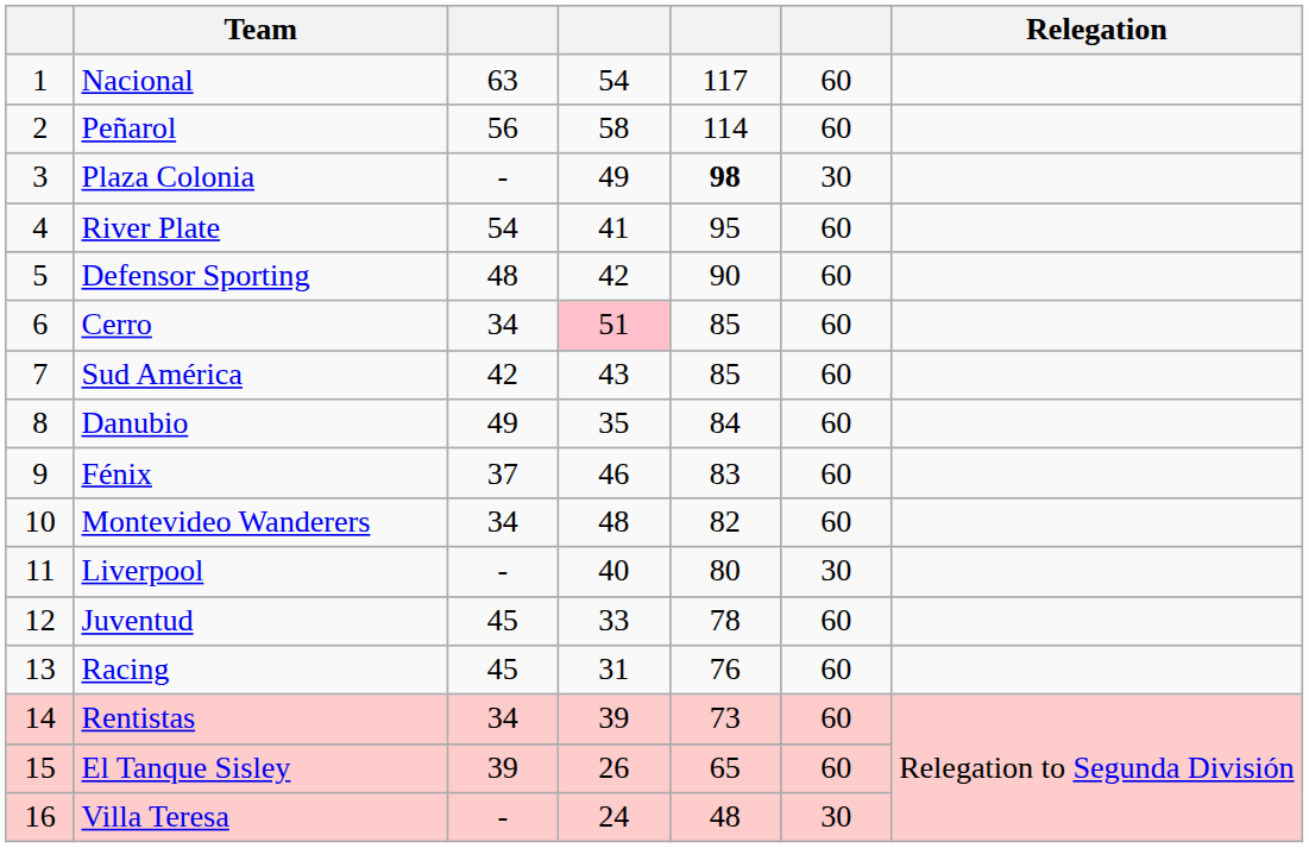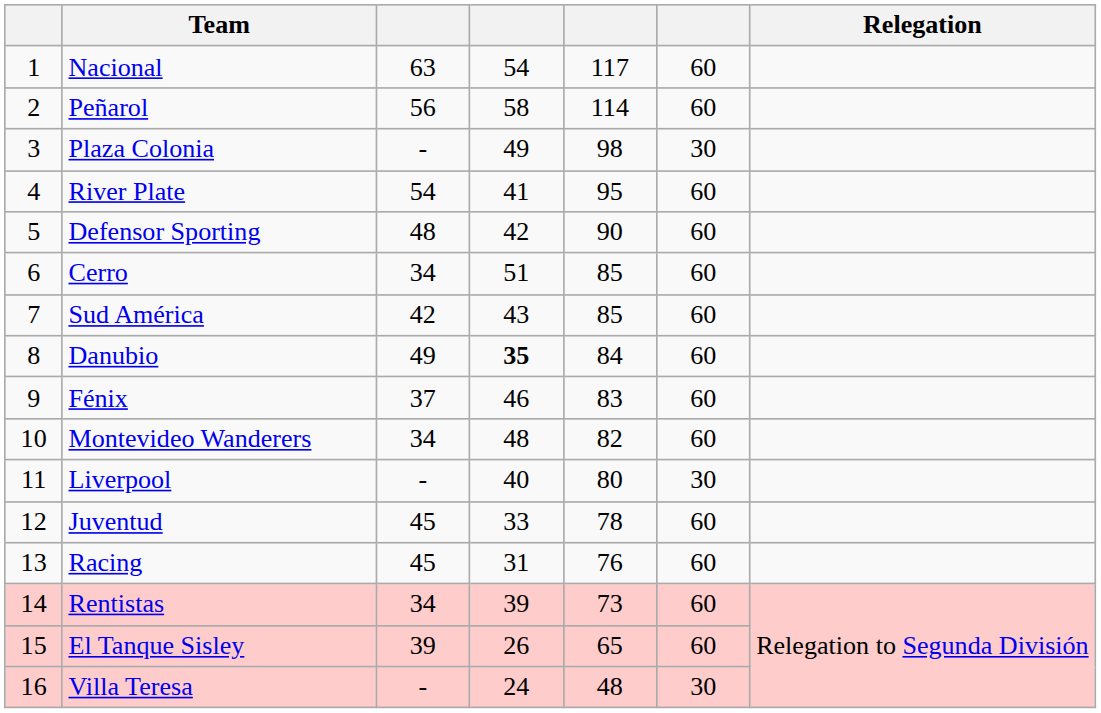 <table class="wikitable" style="text-align: center;">
 <tr>
 <th width=28><br></th>
 <th width=185>Team</th>
 <th width=50></th>
 <th width=50></th>
 <th width=50></th>
 <th width=50></th>
 <th>Relegation</th>
 </tr>
 <tr>
 <td>1</td>
 <td align="left"><a href='#'>Nacional</a></td>
 <td>63</td>
 <td>54</td>
 <td>117</td>
 <td>60</td>
 <td></td>
 </tr>
 <tr>
 <td>2</td>
 <td align="left"><a href='#'>Peñarol</a></td>
 <td>56</td>
 <td>58</td>
 <td>114</td>
 <td>60</td>
 <td></td>
 </tr>
 <tr>
 <td>3</td>
 <td align="left"><a href='#'>Plaza Colonia</a></td>
 <td>-</td>
 <td>49</td>
-<td><strong>98</strong></td>
+<td>98</td>
 <td>30</td>
 <td></td>
 </tr>
 <tr>
 <td>4</td>
 <td align="left"><a href='#'>River Plate</a></td>
 <td>54</td>
 <td>41</td>
 <td>95</td>
 <td>60</td>
 <td></td>
 </tr>
 <tr>
 <td>5</td>
 <td align="left"><a href='#'>Defensor Sporting</a></td>
 <td>48</td>
 <td>42</td>
 <td>90</td>
 <td>60</td>
 <td></td>
 </tr>
 <tr>
 <td>6</td>
 <td align="left"><a href='#'>Cerro</a></td>
 <td>34</td>
-<td style="background: pink;">51</td>
+<td>51</td>
 <td>85</td>
 <td>60</td>
 <td></td>
 </tr>
 <tr>
 <td>7</td>
 <td align="left"><a href='#'>Sud América</a></td>
 <td>42</td>
 <td>43</td>
 <td>85</td>
 <td>60</td>
 <td></td>
 </tr>
 <tr>
 <td>8</td>
 <td align="left"><a href='#'>Danubio</a></td>
 <td>49</td>
-<td>35</td>
+<td><strong>35</strong></td>
 <td>84</td>
 <td>60</td>
 <td></td>
 </tr>
 <tr>
 <td>9</td>
 <td align="left"><a href='#'>Fénix</a></td>
 <td>37</td>
 <td>46</td>
 <td>83</td>
 <td>60</td>
 <td></td>
 </tr>
 <tr>
 <td>10</td>
 <td align="left"><a href='#'>Montevideo Wanderers</a></td>
 <td>34</td>
 <td>48</td>
 <td>82</td>
 <td>60</td>
 <td></td>
 </tr>
 <tr>
 <td>11</td>
 <td align="left"><a href='#'>Liverpool</a></td>
 <td>-</td>
 <td>40</td>
 <td>80</td>
 <td>30</td>
 <td></td>
 </tr>
 <tr>
 <td>12</td>
 <td align="left"><a href='#'>Juventud</a></td>
 <td>45</td>
 <td>33</td>
 <td>78</td>
 <td>60</td>
 <td></td>
 </tr>
 <tr>
 <td>13</td>
 <td align="left"><a href='#'>Racing</a></td>
 <td>45</td>
 <td>31</td>
 <td>76</td>
 <td>60</td>
 <td></td>
 </tr>
 <tr bgcolor=#FFCCCC>
 <td>14</td>
 <td align="left"><a href='#'>Rentistas</a></td>
 <td>34</td>
 <td>39</td>
 <td>73</td>
 <td>60</td>
 <td rowspan="3">Relegation to <a href='#'>Segunda División</a></td>
 </tr>
 <tr bgcolor=#FFCCCC>
 <td>15</td>
 <td align="left"><a href='#'>El Tanque Sisley</a></td>
 <td>39</td>
 <td>26</td>
 <td>65</td>
 <td>60</td>
 </tr>
 <tr bgcolor=#FFCCCC>
 <td>16</td>
 <td align="left"><a href='#'>Villa Teresa</a></td>
 <td>-</td>
 <td>24</td>
 <td>48</td>
 <td>30</td>
 </tr>
 </table>
